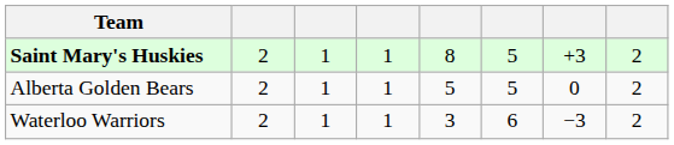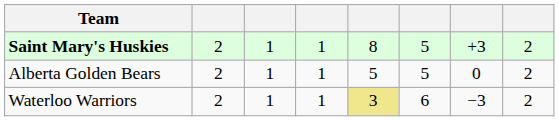 <table class="wikitable" style="text-align:center;">
 <tr>
 <th width=165>Team</th>
 <th width=40></th>
 <th width=40></th>
 <th width=40></th>
 <th width=40></th>
 <th width=40></th>
 <th width=40></th>
 <th width=40></th>
 </tr>
 <tr style="background:#ddffdd">
 <td style="text-align:left;"><strong>Saint Mary's Huskies</strong></td>
 <td>2</td>
 <td>1</td>
 <td>1</td>
 <td>8</td>
 <td>5</td>
 <td>+3</td>
 <td>2</td>
 </tr>
 <tr>
 <td style="text-align:left;">Alberta Golden Bears</td>
 <td>2</td>
 <td>1</td>
 <td>1</td>
 <td>5</td>
 <td>5</td>
 <td>0</td>
 <td>2</td>
 </tr>
 <tr>
 <td style="text-align:left;">Waterloo Warriors</td>
 <td>2</td>
 <td>1</td>
 <td>1</td>
-<td>3</td>
+<td style="background: khaki;">3</td>
 <td>6</td>
 <td>−3</td>
 <td>2</td>
 </tr>
 </table>
